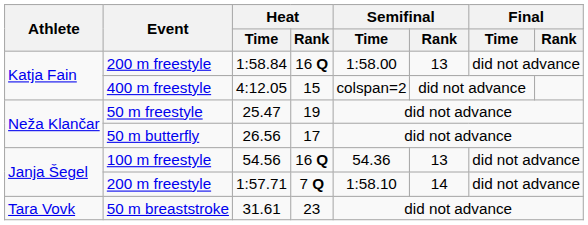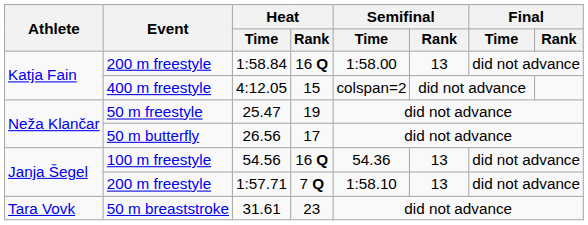 <table class="wikitable" style="text-align:center; font-size:90%">
 <tr>
 <th rowspan="2">Athlete</th>
 <th rowspan="2">Event</th>
 <th colspan="2">Heat</th>
 <th colspan="2">Semifinal</th>
 <th colspan="2">Final</th>
 </tr>
 <tr style="font-size:95%">
 <th>Time</th>
 <th>Rank</th>
 <th>Time</th>
 <th>Rank</th>
 <th>Time</th>
 <th>Rank</th>
 </tr>
 <tr>
 <td rowspan=2 align=left><a href='#'>Katja Fain</a></td>
 <td align=left><a href='#'>200 m freestyle</a></td>
 <td>1:58.84</td>
 <td>16 <strong>Q</strong></td>
 <td>1:58.00</td>
 <td>13</td>
 <td colspan=2>did not advance</td>
 </tr>
 <tr>
 <td align=left><a href='#'>400 m freestyle</a></td>
 <td>4:12.05</td>
 <td>15</td>
 <td>colspan=2 </td>
 <td colspan=2>did not advance</td>
 </tr>
 <tr>
 <td rowspan=2 align=left><a href='#'>Neža Klančar</a></td>
 <td align=left><a href='#'>50 m freestyle</a></td>
 <td>25.47</td>
 <td>19</td>
 <td colspan=4>did not advance</td>
 </tr>
 <tr>
 <td align=left><a href='#'>50 m butterfly</a></td>
 <td>26.56</td>
 <td>17</td>
 <td colspan=4>did not advance</td>
 </tr>
 <tr>
 <td rowspan=2 align=left><a href='#'>Janja Šegel</a></td>
 <td align=left><a href='#'>100 m freestyle</a></td>
 <td>54.56</td>
 <td>16 <strong>Q</strong></td>
 <td>54.36</td>
 <td>13</td>
 <td colspan=2>did not advance</td>
 </tr>
 <tr>
 <td align=left><a href='#'>200 m freestyle</a></td>
 <td>1:57.71</td>
 <td>7 <strong>Q</strong></td>
 <td>1:58.10</td>
-<td>14</td>
+<td>13</td>
 <td colspan=2>did not advance</td>
 </tr>
 <tr>
 <td align=left><a href='#'>Tara Vovk</a></td>
 <td align=left><a href='#'>50 m breaststroke</a></td>
 <td>31.61</td>
 <td>23</td>
 <td colspan=4>did not advance</td>
 </tr>
 </table>
